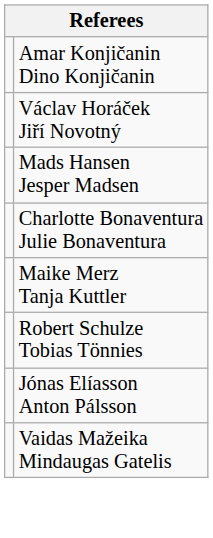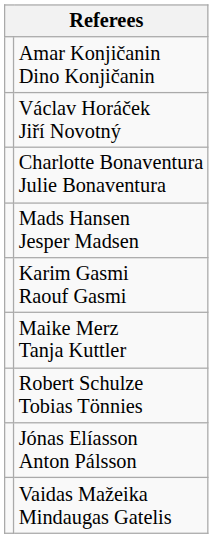 <table class="wikitable" style="display: inline-table;">
 <tr>
 <th colspan="2">Referees</th>
 </tr>
 <tr>
 <td></td>
 <td>Amar Konjičanin<br>Dino Konjičanin</td>
 </tr>
 <tr>
 <td></td>
 <td>Václav Horáček<br>Jiří Novotný</td>
 </tr>
 <tr>
 <td></td>
+<td>Charlotte Bonaventura<br>Julie Bonaventura</td>
+</tr>
+<tr>
+<td></td>
 <td>Mads Hansen<br>Jesper Madsen</td>
 </tr>
 <tr>
 <td></td>
-<td>Charlotte Bonaventura<br>Julie Bonaventura</td>
+<td>Karim Gasmi<br>Raouf Gasmi</td>
 </tr>
 <tr>
 <td></td>
 <td>Maike Merz<br>Tanja Kuttler</td>
 </tr>
 <tr>
 <td></td>
 <td>Robert Schulze<br>Tobias Tönnies</td>
 </tr>
 <tr>
 <td></td>
 <td>Jónas Elíasson<br>Anton Pálsson</td>
 </tr>
 <tr>
 <td></td>
 <td>Vaidas Mažeika<br>Mindaugas Gatelis</td>
 </tr>
 </table>
